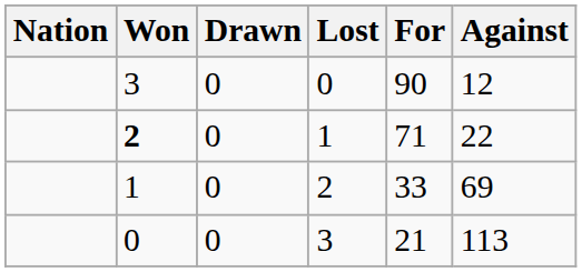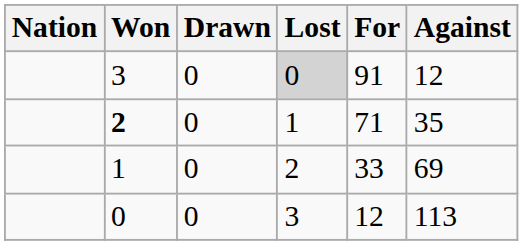 <table class="wikitable">
 <tr>
 <th>Nation</th>
 <th>Won</th>
 <th>Drawn</th>
 <th>Lost</th>
 <th>For</th>
 <th>Against</th>
 </tr>
 <tr>
 <td></td>
 <td>3</td>
 <td>0</td>
-<td>0</td>
-<td>90</td>
+<td style="background: lightgrey;">0</td>
+<td>91</td>
 <td>12</td>
 </tr>
 <tr>
 <td></td>
 <td><strong>2</strong></td>
 <td>0</td>
 <td>1</td>
 <td>71</td>
-<td>22</td>
+<td>35</td>
 </tr>
 <tr>
 <td></td>
 <td>1</td>
 <td>0</td>
 <td>2</td>
 <td>33</td>
 <td>69</td>
 </tr>
 <tr>
 <td></td>
 <td>0</td>
 <td>0</td>
 <td>3</td>
-<td>21</td>
+<td>12</td>
 <td>113</td>
 </tr>
 </table>
